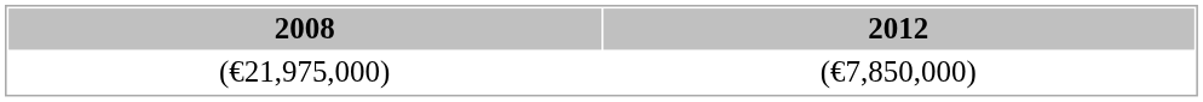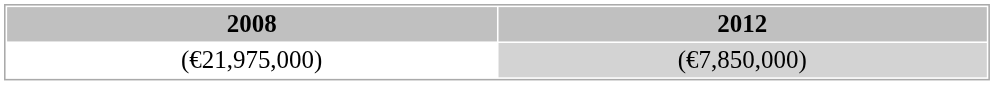 <table border="0" cellpadding="2" cellspacing="1" style="width:50%; border:1px solid #aaa;">
 <tr>
 <th style="width:33%; background:silver;">2008</th>
 <th style="width:33%; background:silver;">2012</th>
 </tr>
 <tr align=center>
 <td>(€21,975,000)</td>
-<td>(€7,850,000)</td>
+<td style="background: lightgrey;">(€7,850,000)</td>
 </tr>
 </table>
